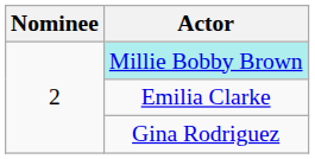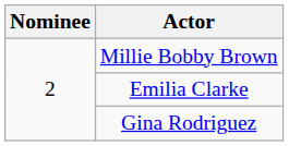 <table class="wikitable" style="text-align:center;">
 <tr>
 <th scope="col" width="55">Nominee</th>
 <th scope="col" align="center">Actor</th>
 </tr>
 <tr>
 <td rowspan=3 style="text-align:center">2</td>
-<td style="background: paleturquoise;"><a href='#'>Millie Bobby Brown</a></td>
+<td><a href='#'>Millie Bobby Brown</a></td>
 </tr>
 <tr>
 <td><a href='#'>Emilia Clarke</a></td>
 </tr>
 <tr>
 <td><a href='#'>Gina Rodriguez</a></td>
 </tr>
 </table>
